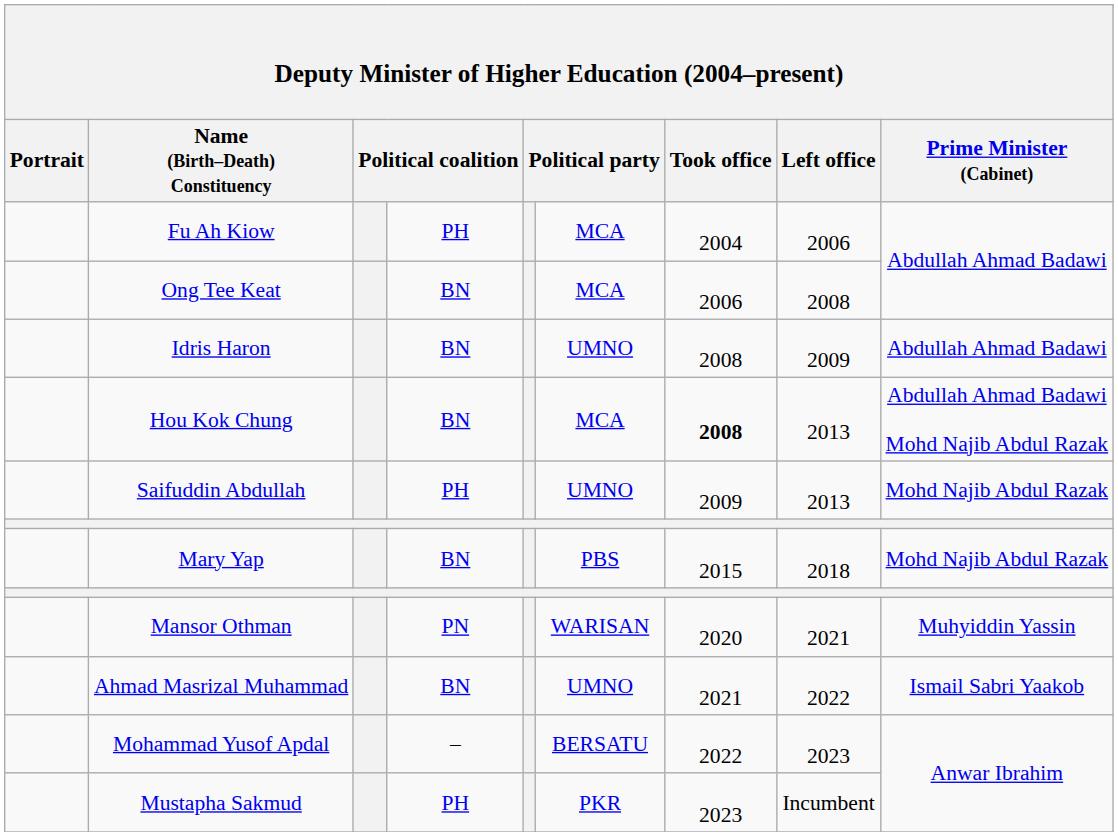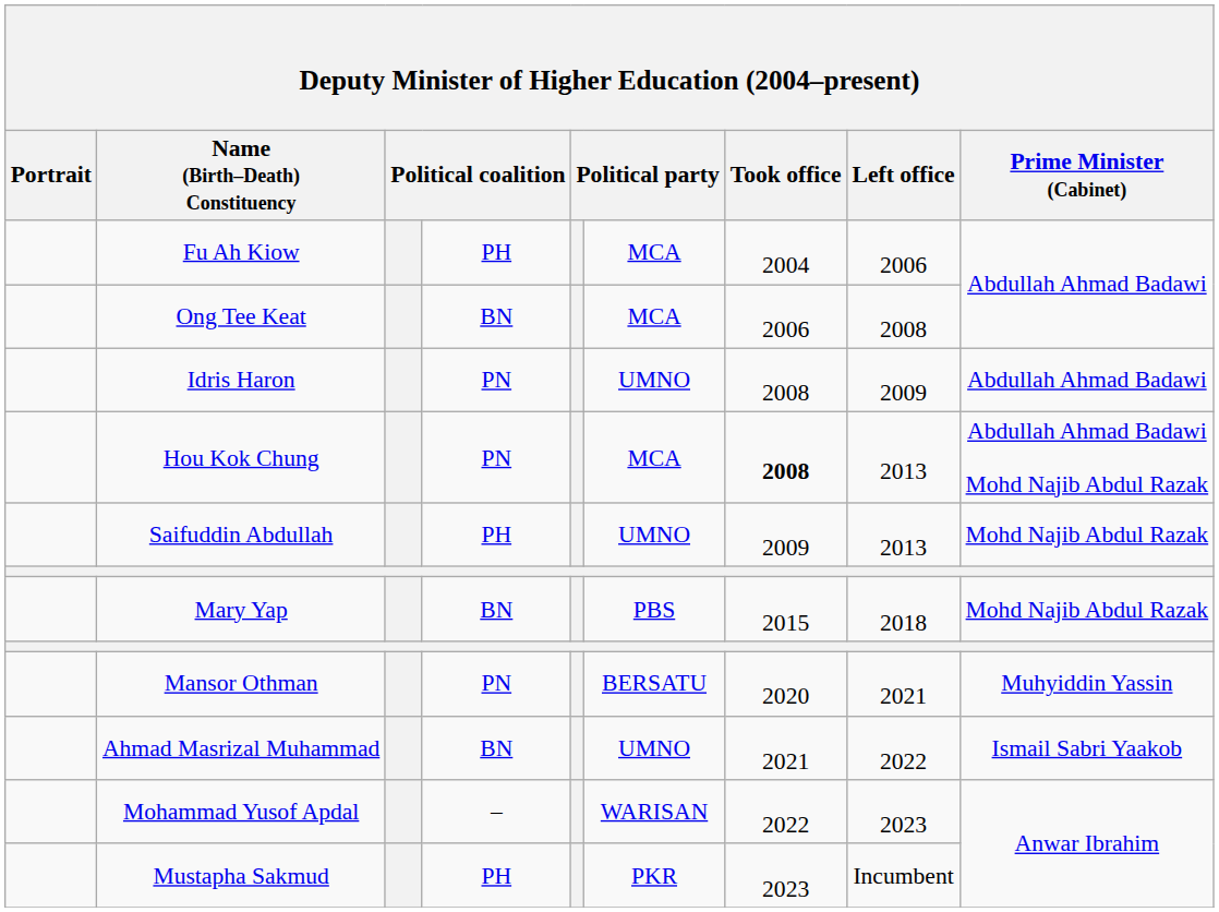 <table class="wikitable" style="text-align:center;">
 <tr>
 <th colspan="9"><br><h3>Deputy Minister of Higher Education (2004–present)</h3></th>
 </tr>
 <tr>
 <th>Portrait</th>
 <th>Name<br><small>(Birth–Death)<br>Constituency</small></th>
 <th colspan="2">Political coalition</th>
 <th colspan="2">Political party</th>
 <th>Took office</th>
 <th>Left office</th>
 <th><a href='#'>Prime Minister</a><br><small>(Cabinet)</small></th>
 </tr>
 <tr>
 <td></td>
 <td><a href='#'>Fu Ah Kiow</a><br></td>
 <th style="background:"></th>
 <td><a href='#'>PH</a></td>
 <th style="background:"></th>
 <td><a href='#'>MCA</a></td>
 <td><br>2004</td>
 <td><br>2006</td>
 <td rowspan=2><a href='#'>Abdullah Ahmad Badawi</a><br></td>
 </tr>
 <tr>
 <td></td>
 <td><a href='#'>Ong Tee Keat</a><br></td>
 <th style="background:"></th>
 <td><a href='#'>BN</a></td>
 <th style="background:"></th>
 <td><a href='#'>MCA</a></td>
 <td><br>2006</td>
 <td><br>2008</td>
 </tr>
 <tr>
 <td></td>
 <td><a href='#'>Idris Haron</a><br></td>
 <th style="background:"></th>
-<td><a href='#'>BN</a></td>
+<td><a href='#'>PN</a></td>
 <th style="background:"></th>
 <td><a href='#'>UMNO</a></td>
 <td><br>2008</td>
 <td><br>2009</td>
 <td><a href='#'>Abdullah Ahmad Badawi</a><br></td>
 </tr>
 <tr>
 <td></td>
 <td><a href='#'>Hou Kok Chung</a><br></td>
 <th style="background:"></th>
-<td><a href='#'>BN</a></td>
+<td><a href='#'>PN</a></td>
 <th style="background:"></th>
 <td><a href='#'>MCA</a></td>
 <td><strong><br>2008</strong></td>
 <td><br>2013</td>
 <td><a href='#'>Abdullah Ahmad Badawi</a><br><br><a href='#'>Mohd Najib Abdul Razak</a><br></td>
 </tr>
 <tr>
 <td></td>
 <td><a href='#'>Saifuddin Abdullah</a><br></td>
 <th style="background:"></th>
 <td><a href='#'>PH</a></td>
 <th style="background:"></th>
 <td><a href='#'>UMNO</a></td>
 <td><br>2009</td>
 <td><br>2013</td>
 <td><a href='#'>Mohd Najib Abdul Razak</a><br></td>
 </tr>
 <tr>
 <th colspan="9" bgcolor="cccccc"></th>
 </tr>
 <tr>
 <td></td>
 <td><a href='#'>Mary Yap</a><br></td>
 <th style="background:"></th>
 <td><a href='#'>BN</a></td>
 <th style="background:"></th>
 <td><a href='#'>PBS</a></td>
 <td><br>2015</td>
 <td><br>2018</td>
 <td><a href='#'>Mohd Najib Abdul Razak</a><br></td>
 </tr>
 <tr>
 <th colspan="9" bgcolor="cccccc"></th>
 </tr>
 <tr>
 <td></td>
 <td><a href='#'>Mansor Othman</a><br></td>
 <th style="background:"></th>
 <td><a href='#'>PN</a></td>
 <th style="background:"></th>
-<td><a href='#'>WARISAN</a></td>
+<td><a href='#'>BERSATU</a></td>
 <td><br>2020</td>
 <td><br>2021</td>
 <td><a href='#'>Muhyiddin Yassin</a><br></td>
 </tr>
 <tr>
 <td></td>
 <td><a href='#'>Ahmad Masrizal Muhammad</a><br></td>
 <th style="background:"></th>
 <td><a href='#'>BN</a></td>
 <th style="background:"></th>
 <td><a href='#'>UMNO</a></td>
 <td><br>2021</td>
 <td><br>2022</td>
 <td><a href='#'>Ismail Sabri Yaakob</a><br></td>
 </tr>
 <tr>
 <td></td>
 <td><a href='#'>Mohammad Yusof Apdal</a><br></td>
 <th style="background:"></th>
 <td>–</td>
 <th style="background:"></th>
-<td><a href='#'>BERSATU</a></td>
+<td><a href='#'>WARISAN</a></td>
 <td><br>2022</td>
 <td><br>2023</td>
 <td rowspan=2><a href='#'>Anwar Ibrahim</a><br></td>
 </tr>
 <tr>
 <td></td>
 <td><a href='#'>Mustapha Sakmud</a><br></td>
 <th style="background:"></th>
 <td><a href='#'>PH</a></td>
 <th style="background:"></th>
 <td><a href='#'>PKR</a></td>
 <td><br>2023</td>
 <td>Incumbent</td>
 </tr>
 <tr>
 </tr>
 </table>
